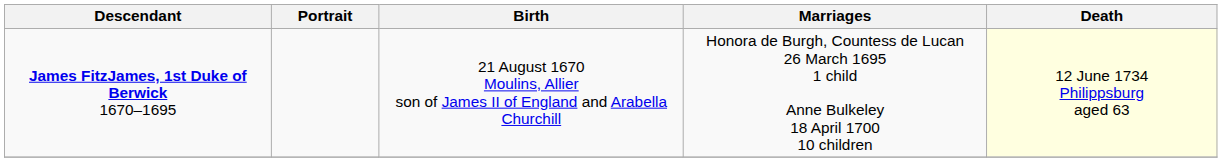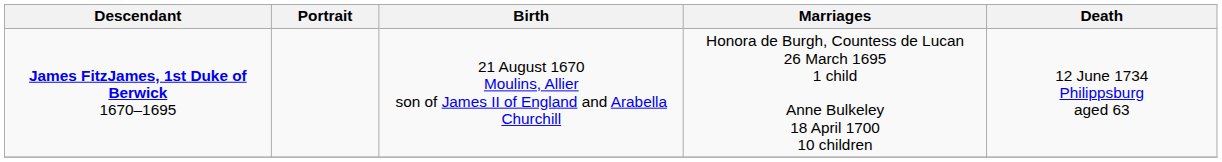 <table style="text-align:center; width:100%" class="wikitable">
 <tr>
 <th width=22%>Descendant</th>
 <th width=105px>Portrait</th>
 <th>Birth</th>
 <th width=25%>Marriages</th>
 <th width=19%>Death</th>
 </tr>
 <tr>
 <td><strong><a href='#'>James FitzJames, 1st Duke of Berwick</a></strong><br>1670–1695</td>
 <td></td>
 <td>21 August 1670<br><a href='#'>Moulins, Allier</a><br>son of <a href='#'>James II of England</a> and <a href='#'>Arabella Churchill</a></td>
 <td>Honora de Burgh, Countess de Lucan<br>26 March 1695<br>1 child<br><br>Anne Bulkeley<br>18 April 1700<br>10 children</td>
-<td style="background: lightyellow;">12 June 1734<br><a href='#'>Philippsburg</a><br>aged 63</td>
+<td>12 June 1734<br><a href='#'>Philippsburg</a><br>aged 63</td>
 </tr>
 <tr>
 </tr>
 </table>
